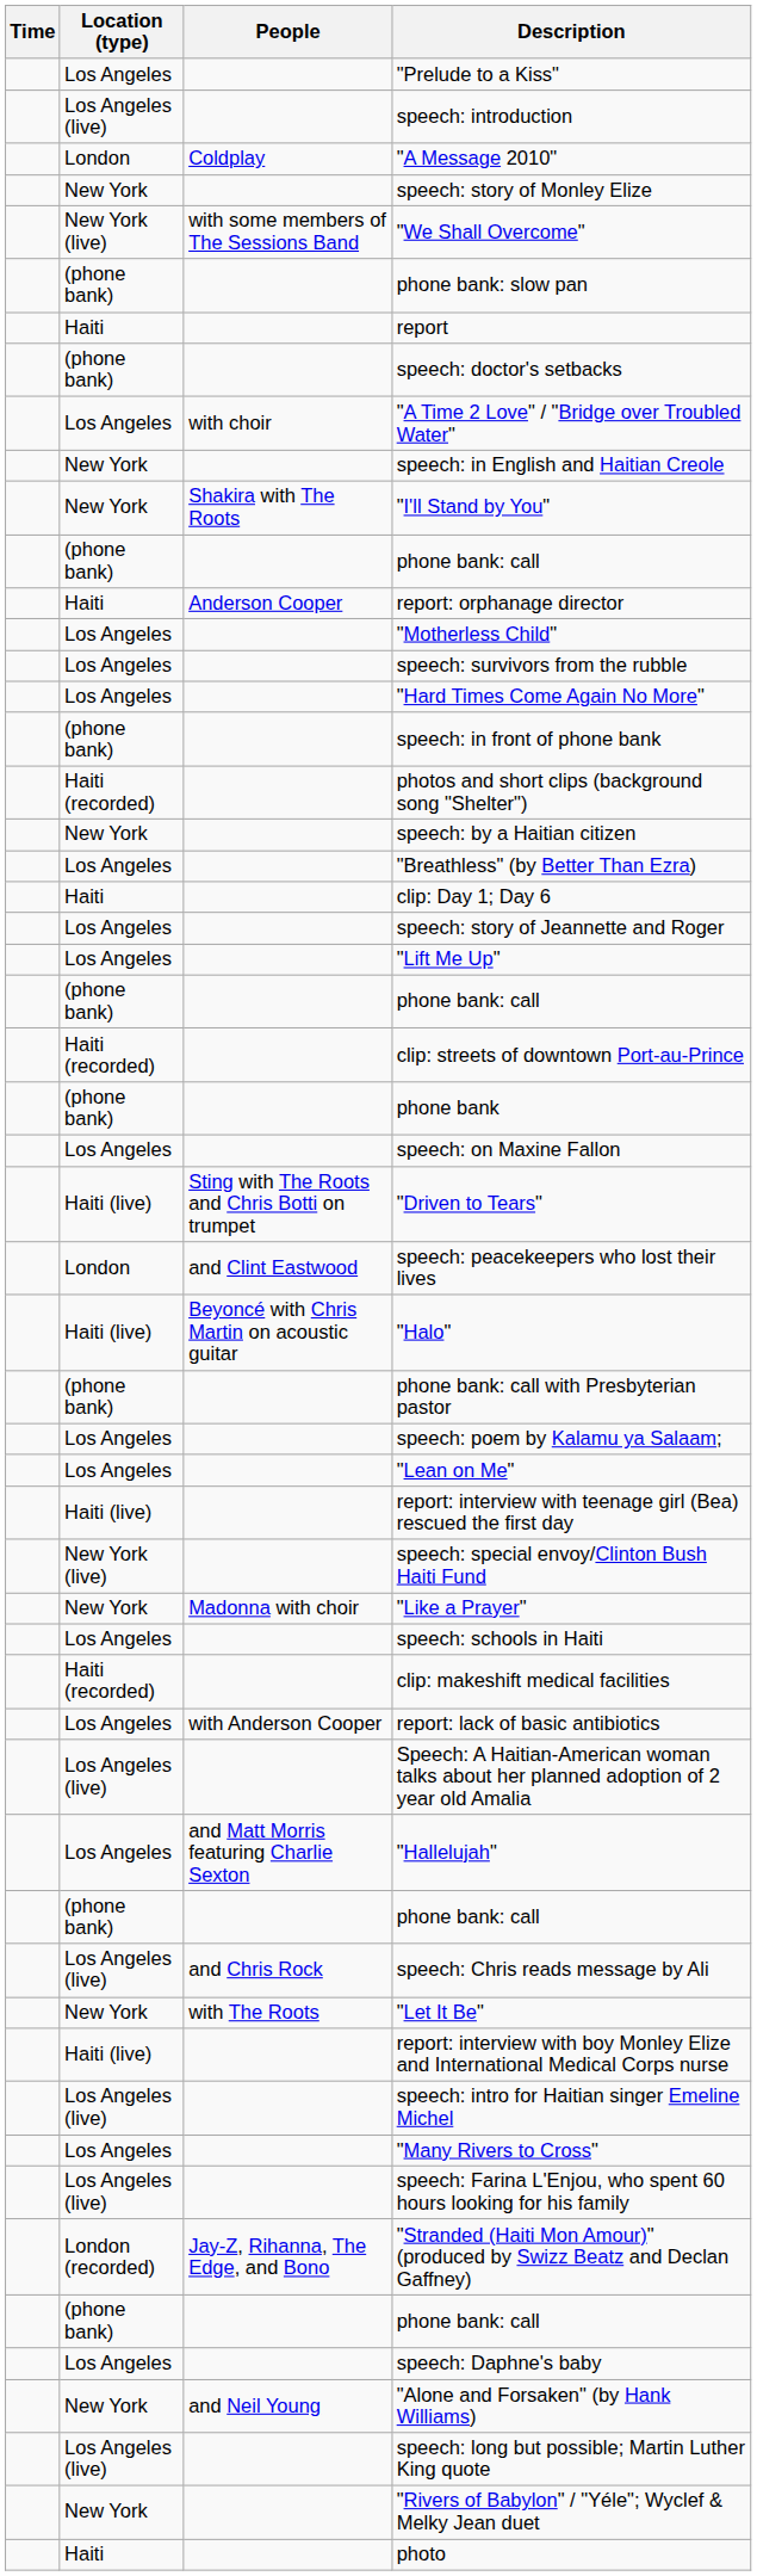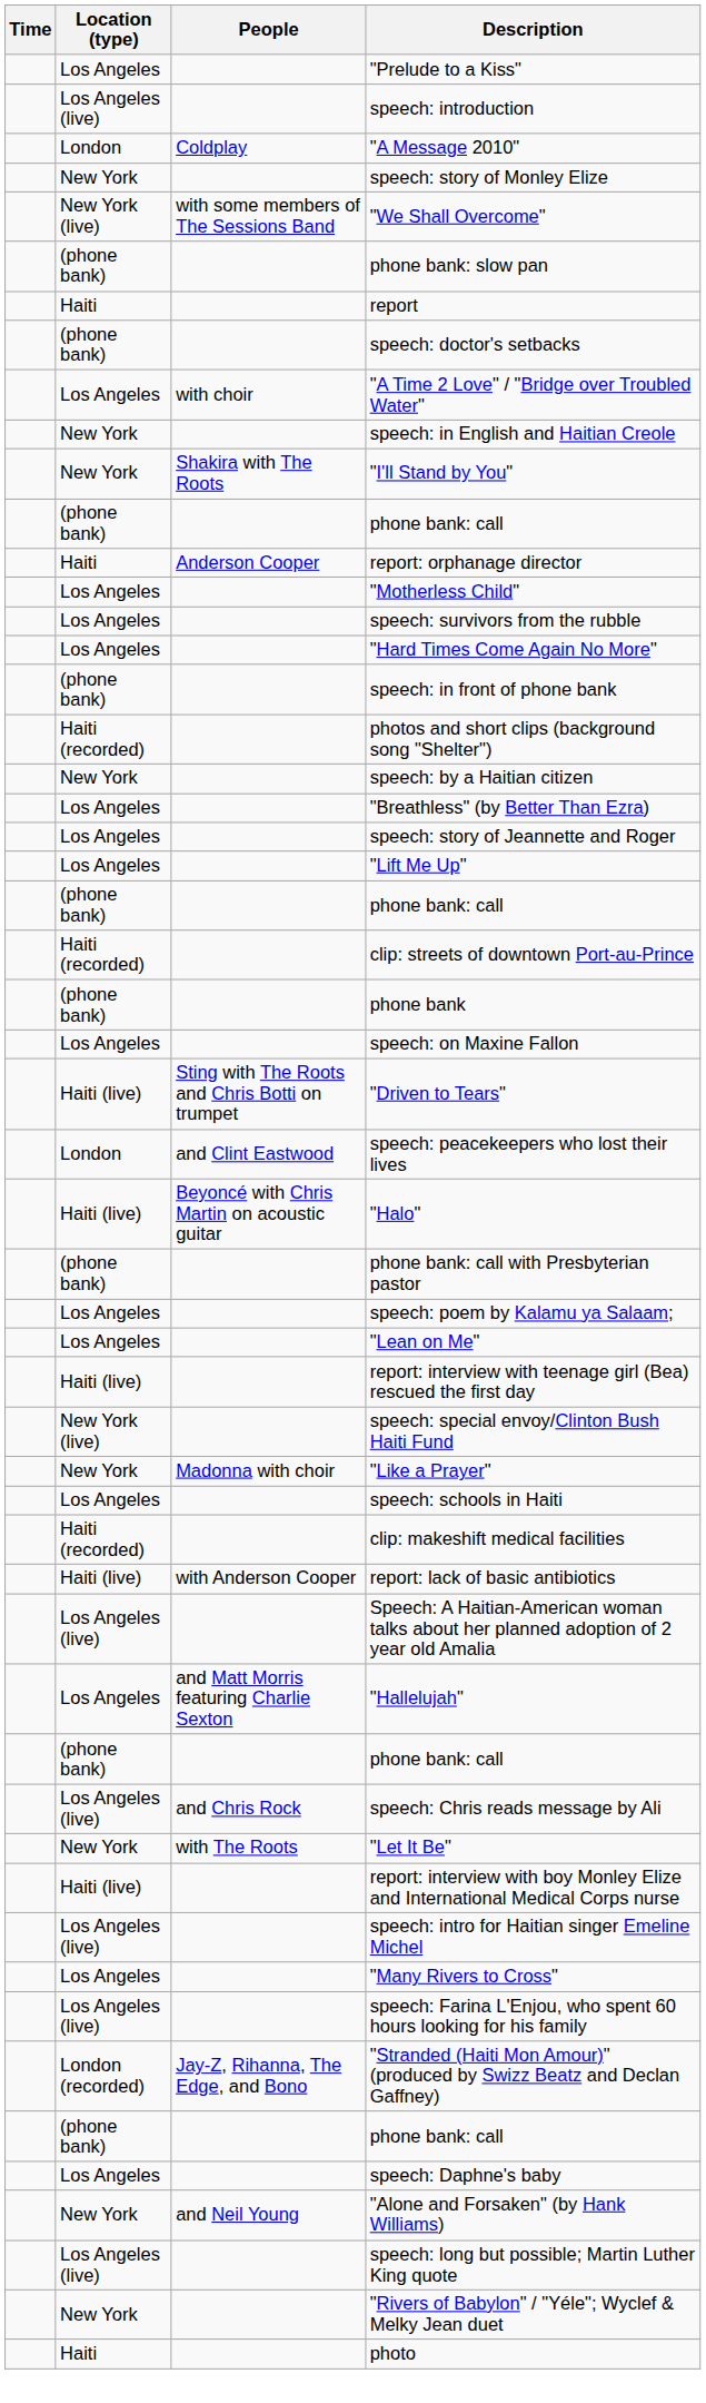 <table class="wikitable sortable">
 <tr>
 <th>Time</th>
 <th>Location (type)</th>
 <th>People</th>
 <th>Description</th>
 </tr>
 <tr>
 <td></td>
 <td>Los Angeles</td>
 <td></td>
 <td>"Prelude to a Kiss"</td>
 </tr>
 <tr>
 <td></td>
 <td>Los Angeles (live)</td>
 <td></td>
 <td>speech: introduction</td>
 </tr>
 <tr>
 <td></td>
 <td>London</td>
 <td><a href='#'>Coldplay</a></td>
 <td>"<a href='#'>A Message</a> 2010"</td>
 </tr>
 <tr>
 <td></td>
 <td>New York</td>
 <td></td>
 <td>speech: story of Monley Elize</td>
 </tr>
 <tr>
 <td></td>
 <td>New York (live)</td>
 <td> with some members of <a href='#'>The Sessions Band</a></td>
 <td>"<a href='#'>We Shall Overcome</a>"</td>
 </tr>
 <tr>
 <td></td>
 <td>(phone bank)</td>
 <td></td>
 <td>phone bank: slow pan</td>
 </tr>
 <tr>
 <td></td>
 <td>Haiti</td>
 <td></td>
 <td>report</td>
 </tr>
 <tr>
 <td></td>
 <td>(phone bank)</td>
 <td></td>
 <td>speech: doctor's setbacks</td>
 </tr>
 <tr>
 <td></td>
 <td>Los Angeles</td>
 <td> with choir</td>
 <td>"<a href='#'>A Time 2 Love</a>" / "<a href='#'>Bridge over Troubled Water</a>"</td>
 </tr>
 <tr>
 <td></td>
 <td>New York</td>
 <td></td>
 <td>speech: in English and <a href='#'>Haitian Creole</a></td>
 </tr>
 <tr>
 <td></td>
 <td>New York</td>
 <td><a href='#'>Shakira</a> with <a href='#'>The Roots</a></td>
 <td>"<a href='#'>I'll Stand by You</a>"</td>
 </tr>
 <tr>
 <td></td>
 <td>(phone bank)</td>
 <td></td>
 <td>phone bank: call</td>
 </tr>
 <tr>
 <td></td>
 <td>Haiti</td>
 <td><a href='#'>Anderson Cooper</a></td>
 <td>report: orphanage director </td>
 </tr>
 <tr>
 <td></td>
 <td>Los Angeles</td>
 <td></td>
 <td>"<a href='#'>Motherless Child</a>"</td>
 </tr>
 <tr>
 <td></td>
 <td>Los Angeles</td>
 <td></td>
 <td>speech: survivors from the rubble</td>
 </tr>
 <tr>
 <td></td>
 <td>Los Angeles</td>
 <td></td>
 <td>"<a href='#'>Hard Times Come Again No More</a>"</td>
 </tr>
 <tr>
 <td></td>
 <td>(phone bank)</td>
 <td></td>
 <td>speech: in front of phone bank</td>
 </tr>
 <tr>
 <td></td>
 <td>Haiti (recorded)</td>
 <td></td>
 <td>photos and short clips (background song "Shelter")</td>
 </tr>
 <tr>
 <td></td>
 <td>New York</td>
 <td> </td>
 <td>speech: by a Haitian citizen</td>
 </tr>
 <tr>
 <td></td>
 <td>Los Angeles</td>
 <td></td>
 <td>"Breathless" (by <a href='#'>Better Than Ezra</a>)</td>
 </tr>
 <tr>
 <td></td>
-<td>Haiti</td>
-<td></td>
-<td>clip: Day 1; Day 6</td>
-</tr>
-<tr>
-<td></td>
 <td>Los Angeles</td>
 <td></td>
 <td>speech: story of Jeannette and Roger</td>
 </tr>
 <tr>
 <td></td>
 <td>Los Angeles</td>
 <td></td>
 <td>"<a href='#'>Lift Me Up</a>"</td>
 </tr>
 <tr>
 <td></td>
 <td>(phone bank)</td>
 <td></td>
 <td>phone bank: call</td>
 </tr>
 <tr>
 <td></td>
 <td>Haiti (recorded)</td>
 <td></td>
 <td>clip: streets of downtown <a href='#'>Port-au-Prince</a></td>
 </tr>
 <tr>
 <td></td>
 <td>(phone bank)</td>
 <td></td>
 <td>phone bank</td>
 </tr>
 <tr>
 <td></td>
 <td>Los Angeles</td>
 <td></td>
 <td>speech: on Maxine Fallon</td>
 </tr>
 <tr>
 <td></td>
 <td>Haiti (live)</td>
 <td><a href='#'>Sting</a> with <a href='#'>The Roots</a> and <a href='#'>Chris Botti</a> on trumpet</td>
 <td>"<a href='#'>Driven to Tears</a>"</td>
 </tr>
 <tr>
 <td></td>
 <td>London</td>
 <td> and <a href='#'>Clint Eastwood</a></td>
 <td>speech: peacekeepers who lost their lives</td>
 </tr>
 <tr>
 <td></td>
 <td>Haiti (live)</td>
 <td><a href='#'>Beyoncé</a> with <a href='#'>Chris Martin</a> on acoustic guitar</td>
 <td>"<a href='#'>Halo</a>"</td>
 </tr>
 <tr>
 <td></td>
 <td>(phone bank)</td>
 <td></td>
 <td>phone bank: call with Presbyterian pastor</td>
 </tr>
 <tr>
 <td></td>
 <td>Los Angeles</td>
 <td></td>
 <td>speech: poem by <a href='#'>Kalamu ya Salaam</a>;</td>
 </tr>
 <tr>
 <td></td>
 <td>Los Angeles</td>
 <td></td>
 <td>"<a href='#'>Lean on Me</a>"</td>
 </tr>
 <tr>
 <td></td>
 <td>Haiti (live)</td>
 <td></td>
 <td>report: interview with teenage girl (Bea) rescued the first day</td>
 </tr>
 <tr>
 <td></td>
 <td>New York (live)</td>
 <td></td>
 <td>speech: special envoy/<a href='#'>Clinton Bush Haiti Fund</a></td>
 </tr>
 <tr>
 <td></td>
 <td>New York</td>
 <td><a href='#'>Madonna</a>  with choir</td>
 <td>"<a href='#'>Like a Prayer</a>"</td>
 </tr>
 <tr>
 <td></td>
 <td>Los Angeles</td>
 <td></td>
 <td>speech: schools in Haiti</td>
 </tr>
 <tr>
 <td></td>
 <td>Haiti (recorded)</td>
 <td></td>
 <td>clip: makeshift medical facilities</td>
 </tr>
 <tr>
 <td></td>
-<td>Los Angeles</td>
+<td>Haiti (live)</td>
 <td> with Anderson Cooper</td>
 <td>report: lack of basic antibiotics</td>
 </tr>
 <tr>
 <td></td>
 <td>Los Angeles (live)</td>
 <td></td>
 <td>Speech: A Haitian-American woman talks about her planned adoption of 2 year old Amalia</td>
 </tr>
 <tr>
 <td></td>
 <td>Los Angeles</td>
 <td> and <a href='#'>Matt Morris</a> featuring <a href='#'>Charlie Sexton</a></td>
 <td>"<a href='#'>Hallelujah</a>"</td>
 </tr>
 <tr>
 <td></td>
 <td>(phone bank)</td>
 <td></td>
 <td>phone bank: call</td>
 </tr>
 <tr>
 <td></td>
 <td>Los Angeles (live)</td>
 <td> and <a href='#'>Chris Rock</a></td>
 <td>speech: Chris reads message by Ali</td>
 </tr>
 <tr>
 <td></td>
 <td>New York</td>
 <td> with <a href='#'>The Roots</a></td>
 <td>"<a href='#'>Let It Be</a>"</td>
 </tr>
 <tr>
 <td></td>
 <td>Haiti (live)</td>
 <td></td>
 <td>report: interview with boy Monley Elize and International Medical Corps nurse</td>
 </tr>
 <tr>
 <td></td>
 <td>Los Angeles (live)</td>
 <td></td>
 <td>speech: intro for Haitian singer <a href='#'>Emeline Michel</a></td>
 </tr>
 <tr>
 <td></td>
 <td>Los Angeles</td>
 <td></td>
 <td>"<a href='#'>Many Rivers to Cross</a>"</td>
 </tr>
 <tr>
 <td></td>
 <td>Los Angeles (live)</td>
 <td></td>
 <td>speech: Farina L'Enjou, who spent 60 hours looking for his family</td>
 </tr>
 <tr>
 <td></td>
 <td>London (recorded)</td>
 <td><a href='#'>Jay-Z</a>, <a href='#'>Rihanna</a>, <a href='#'>The Edge</a>, and <a href='#'>Bono</a></td>
 <td>"<a href='#'>Stranded (Haiti Mon Amour)</a>" (produced by <a href='#'>Swizz Beatz</a> and Declan Gaffney)</td>
 </tr>
 <tr>
 <td></td>
 <td>(phone bank)</td>
 <td></td>
 <td>phone bank: call</td>
 </tr>
 <tr>
 <td></td>
 <td>Los Angeles</td>
 <td></td>
 <td>speech: Daphne's baby</td>
 </tr>
 <tr>
 <td></td>
 <td>New York</td>
 <td> and <a href='#'>Neil Young</a></td>
 <td>"Alone and Forsaken" (by <a href='#'>Hank Williams</a>)</td>
 </tr>
 <tr>
 <td></td>
 <td>Los Angeles (live)</td>
 <td></td>
 <td>speech: long but possible; Martin Luther King quote</td>
 </tr>
 <tr>
 <td></td>
 <td>New York</td>
 <td></td>
 <td>"<a href='#'>Rivers of Babylon</a>" / "Yéle"; Wyclef & Melky Jean duet</td>
 </tr>
 <tr>
 <td></td>
 <td>Haiti</td>
 <td></td>
 <td>photo</td>
 </tr>
 </table>
